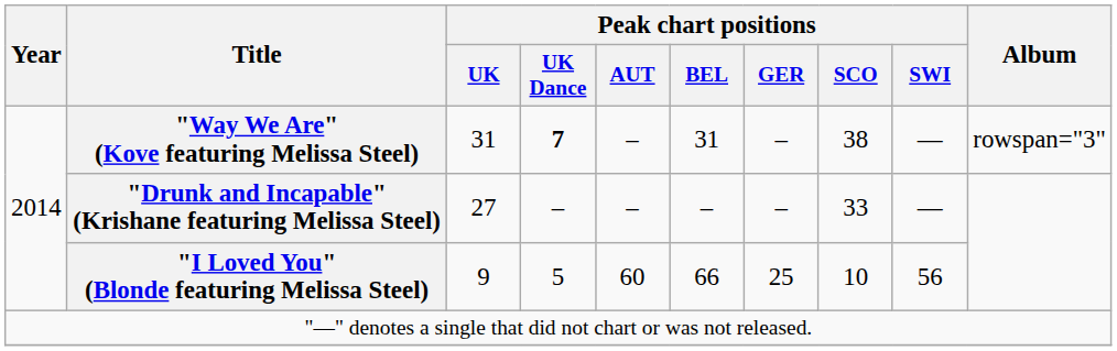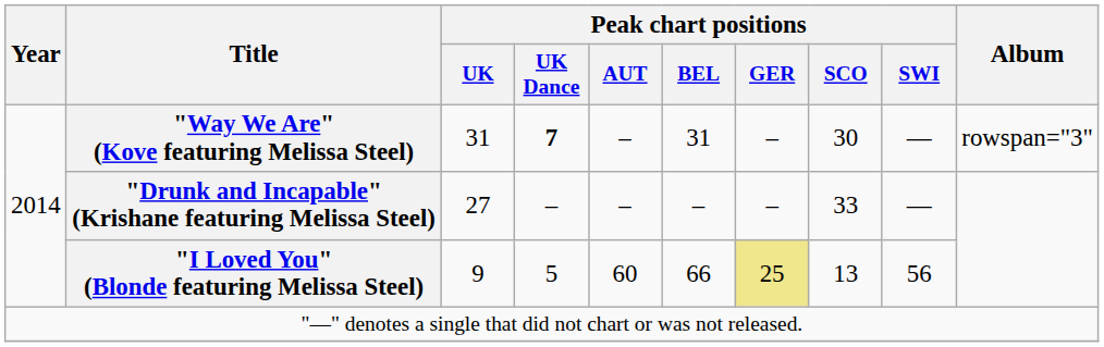 <table class="wikitable plainrowheaders" style="text-align:center;">
 <tr>
 <th scope="col" rowspan="2">Year</th>
 <th scope="col" rowspan="2">Title</th>
 <th scope="col" colspan="7">Peak chart positions</th>
 <th scope="col" rowspan="2">Album</th>
 </tr>
 <tr>
 <th scope="col" style="width:3em;font-size:85%;"><a href='#'>UK</a><br></th>
 <th scope="col" style="width:3em;font-size:85%;"><a href='#'>UK Dance</a><br></th>
 <th scope="col" style="width:3em;font-size:85%;"><a href='#'>AUT</a><br></th>
 <th scope="col" style="width:3em;font-size:85%;"><a href='#'>BEL</a><br></th>
 <th scope="col" style="width:3em;font-size:85%;"><a href='#'>GER</a><br></th>
 <th scope="col" style="width:3em;font-size:85%;"><a href='#'>SCO</a><br></th>
 <th scope="col" style="width:3em;font-size:85%;"><a href='#'>SWI</a><br></th>
 </tr>
 <tr>
 <td rowspan="3">2014</td>
 <th scope="row">"<a href='#'>Way We Are</a>"<br><span>(<a href='#'>Kove</a> featuring Melissa Steel)</span></th>
 <td>31</td>
 <td><strong>7</strong></td>
 <td>–</td>
 <td>31</td>
 <td>–</td>
-<td>38</td>
+<td>30</td>
 <td>—</td>
 <td>rowspan="3" </td>
 </tr>
 <tr>
 <th scope="row">"<a href='#'>Drunk and Incapable</a>"<br><span>(Krishane featuring Melissa Steel)</span></th>
 <td>27</td>
 <td>–</td>
 <td>–</td>
 <td>–</td>
 <td>–</td>
 <td>33</td>
 <td>—</td>
 </tr>
 <tr>
 <th scope="row">"<a href='#'>I Loved You</a>"<br><span>(<a href='#'>Blonde</a> featuring Melissa Steel)</span></th>
 <td>9</td>
 <td>5</td>
 <td>60</td>
 <td>66</td>
-<td>25</td>
-<td>10</td>
+<td style="background: khaki;">25</td>
+<td>13</td>
 <td>56</td>
 </tr>
 <tr>
 <td colspan="18" style="font-size:85%">"—" denotes a single that did not chart or was not released.</td>
 </tr>
 <tr>
 </tr>
 </table>
